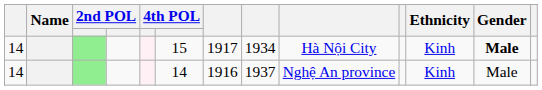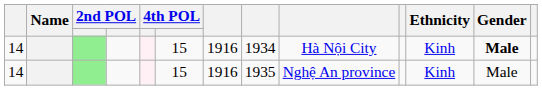 <table class="wikitable sortable" style=text-align:center>
 <tr>
 <th Rowspan="2"></th>
 <th Rowspan="2">Name</th>
 <th colspan="2" unsortable><a href='#'>2nd POL</a></th>
 <th colspan="2" unsortable><a href='#'>4th POL</a></th>
 <th Rowspan="2"></th>
 <th Rowspan="2"></th>
 <th Rowspan="2"></th>
 <th Rowspan="2"></th>
 <th Rowspan="2">Ethnicity</th>
 <th Rowspan="2">Gender</th>
 <th Rowspan="2"  scope="col" class="unsortable"></th>
 </tr>
 <tr>
 <th></th>
 <th></th>
 <th></th>
 <th></th>
 </tr>
 <tr>
 <td>14</td>
 <th align="center" scope="row" style="font-weight:normal;"></th>
 <td bgcolor = LightGreen></td>
 <td></td>
 <td bgcolor = LavenderBlush></td>
 <td>15</td>
-<td>1917</td>
+<td>1916</td>
 <td>1934</td>
 <td><a href='#'>Hà Nội City</a></td>
 <td></td>
 <td><a href='#'>Kinh</a></td>
 <td><strong>Male</strong></td>
 <td></td>
 </tr>
 <tr>
 <td>14</td>
 <th align="center" scope="row" style="font-weight:normal;"></th>
 <td bgcolor = LightGreen></td>
 <td></td>
 <td bgcolor = LavenderBlush></td>
-<td>14</td>
+<td>15</td>
 <td>1916</td>
-<td>1937</td>
+<td>1935</td>
 <td><a href='#'>Nghệ An province</a></td>
 <td></td>
 <td><a href='#'>Kinh</a></td>
 <td>Male</td>
 <td></td>
 </tr>
 </table>
